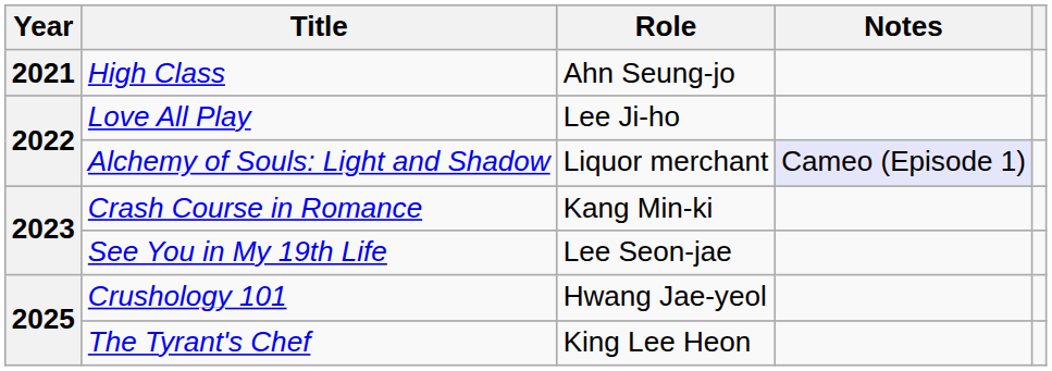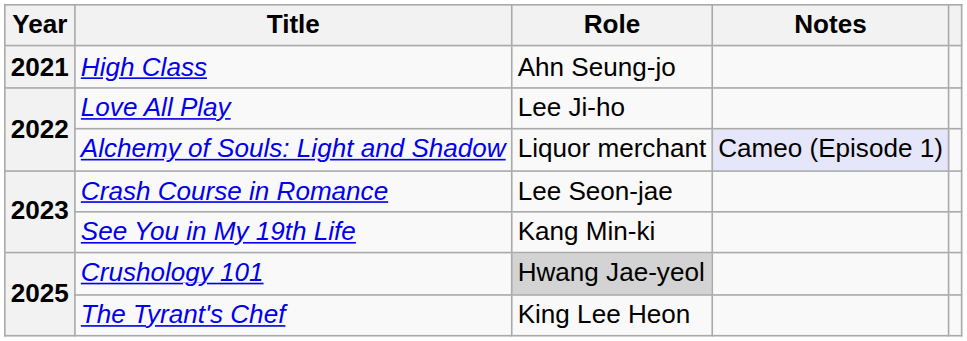 <table class="wikitable plainrowheaders">
 <tr>
 <th scope="col">Year</th>
 <th scope="col">Title</th>
 <th scope="col">Role</th>
 <th scope="col">Notes</th>
 <th scope="col" class="unsortable"></th>
 </tr>
 <tr>
 <th scope="row">2021</th>
 <td><em><a href='#'>High Class</a></em></td>
 <td>Ahn Seung-jo</td>
 <td></td>
 <td style="text-align:center"></td>
 </tr>
 <tr>
 <th scope="row" rowspan="2">2022</th>
 <td><em><a href='#'>Love All Play</a></em></td>
 <td>Lee Ji-ho</td>
 <td></td>
 <td style="text-align:center"></td>
 </tr>
 <tr>
 <td><em><a href='#'>Alchemy of Souls: Light and Shadow</a></em></td>
 <td>Liquor merchant</td>
 <td style="background: lavender;">Cameo (Episode 1)</td>
 <td style="text-align:center"></td>
 </tr>
 <tr>
 <th scope="row" rowspan="2">2023</th>
 <td><em><a href='#'>Crash Course in Romance</a></em></td>
-<td>Kang Min-ki</td>
+<td>Lee Seon-jae</td>
 <td></td>
 <td style="text-align:center"></td>
 </tr>
 <tr>
 <td><em><a href='#'>See You in My 19th Life</a></em></td>
-<td>Lee Seon-jae</td>
+<td>Kang Min-ki</td>
 <td></td>
 <td style="text-align:center"></td>
 </tr>
 <tr>
 <th scope="row" rowspan="2">2025</th>
 <td><em><a href='#'>Crushology 101</a></em></td>
-<td>Hwang Jae-yeol</td>
+<td style="background: lightgrey;">Hwang Jae-yeol</td>
 <td></td>
 <td style="text-align:center"></td>
 </tr>
 <tr>
 <td><em><a href='#'>The Tyrant's Chef</a></em></td>
 <td>King Lee Heon</td>
 <td></td>
 <td style="text-align:center"></td>
 </tr>
 </table>
